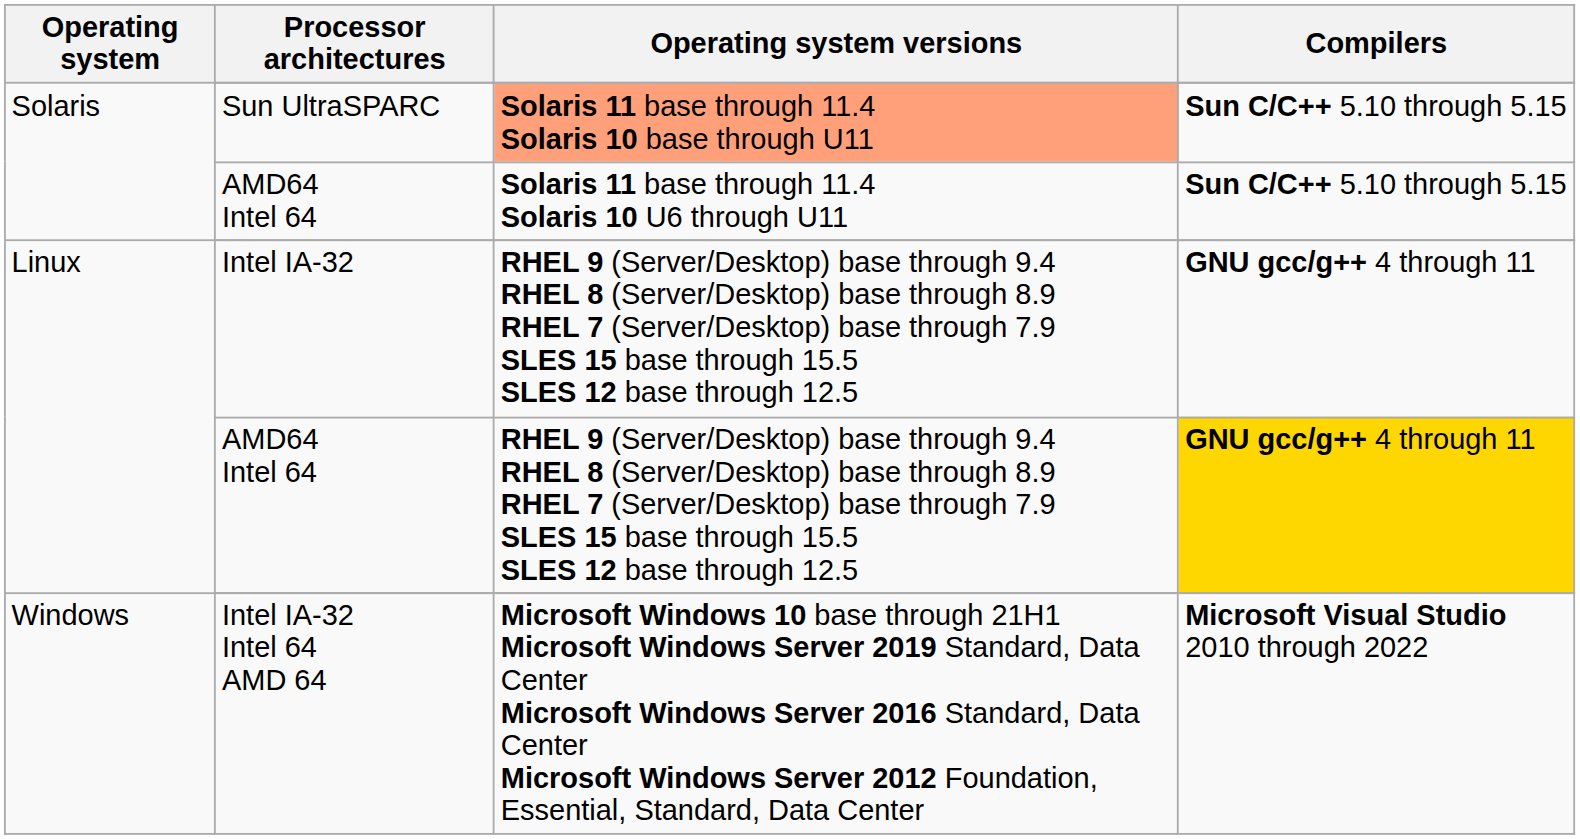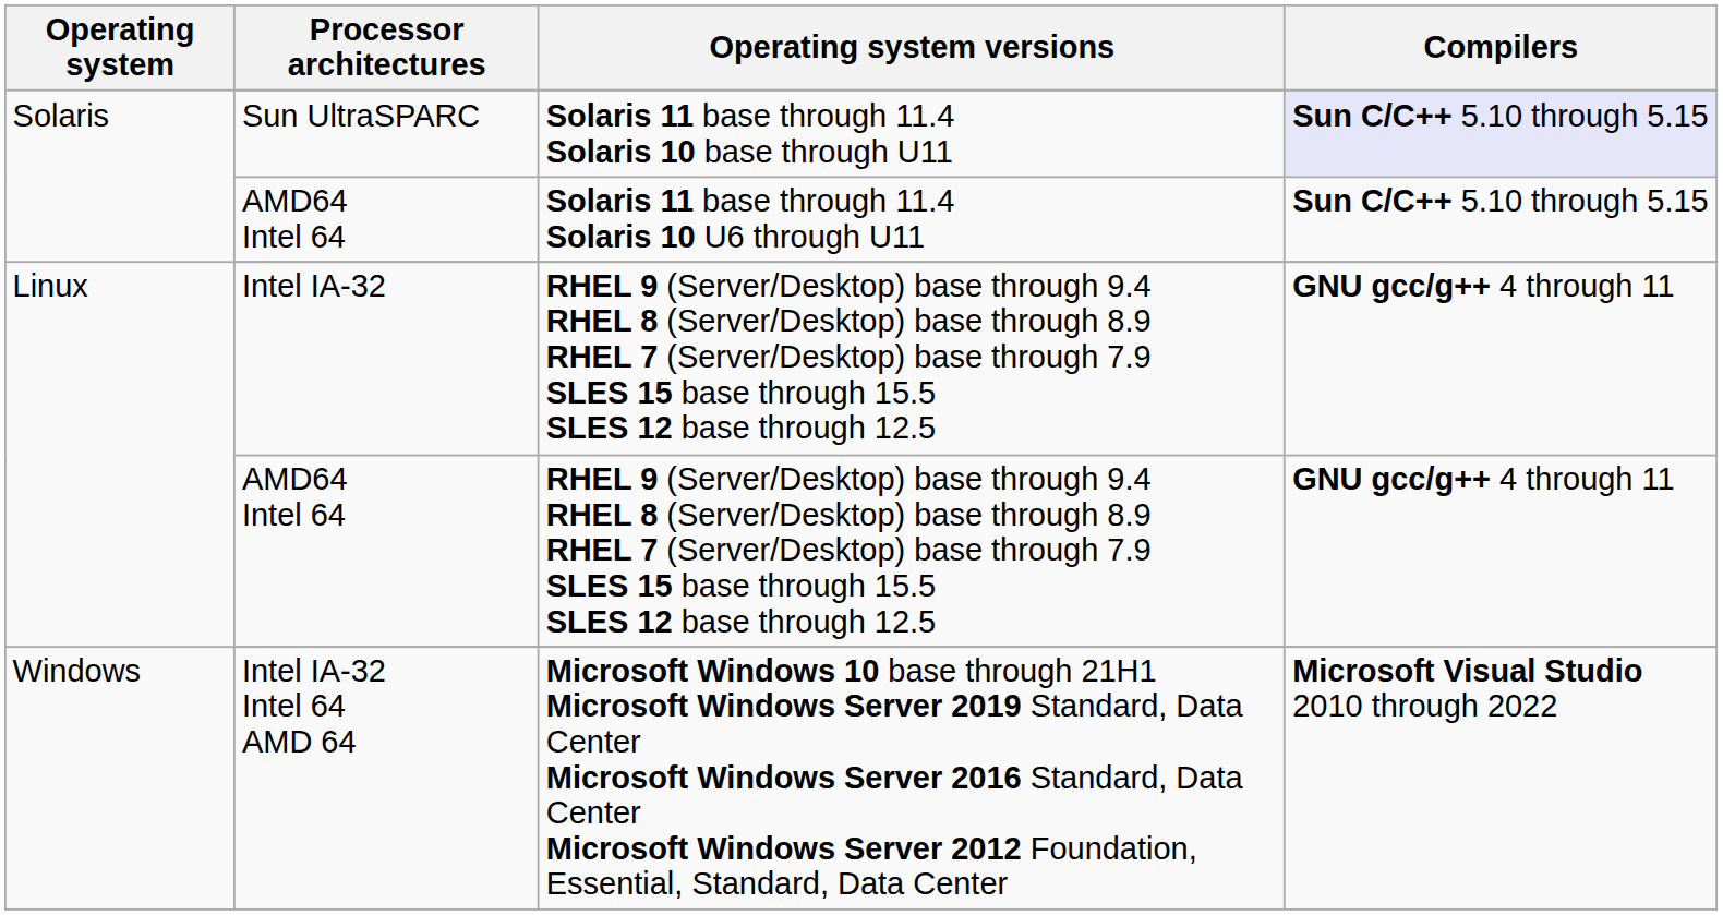 <table class="wikitable">
 <tr>
 <th>Operating system</th>
 <th>Processor architectures</th>
 <th>Operating system versions</th>
 <th>Compilers</th>
 </tr>
 <tr valign="top">
 <td rowspan="3">Solaris</td>
 </tr>
 <tr valign="top">
 <td>Sun UltraSPARC</td>
-<td style="background: lightsalmon;"><strong>Solaris 11</strong> base through 11.4<br><strong>Solaris 10</strong> base through U11<br></td>
-<td><strong> Sun C/C++</strong> 5.10 through 5.15<br></td>
+<td><strong>Solaris 11</strong> base through 11.4<br><strong>Solaris 10</strong> base through U11<br></td>
+<td style="background: lavender;"><strong> Sun C/C++</strong> 5.10 through 5.15<br></td>
 </tr>
 <tr valign="top">
 <td>AMD64<br>Intel 64</td>
 <td><strong>Solaris 11</strong> base through 11.4<br><strong>Solaris 10</strong> U6 through U11<br></td>
 <td><strong>Sun C/C++</strong> 5.10 through 5.15<br></td>
 </tr>
 <tr valign="top">
 <td rowspan="3">Linux</td>
 </tr>
 <tr valign="top">
 <td>Intel IA-32</td>
 <td><strong>RHEL 9</strong> (Server/Desktop) base through 9.4<br><strong>RHEL 8</strong> (Server/Desktop) base through 8.9<br><strong>RHEL 7</strong> (Server/Desktop) base through 7.9<br> <strong>SLES 15</strong> base through 15.5<br><strong>SLES 12</strong> base through 12.5<br></td>
 <td><strong>GNU gcc/g++</strong> 4 through 11<br></td>
 </tr>
 <tr valign="top">
 <td>AMD64<br>Intel 64</td>
 <td><strong>RHEL 9</strong> (Server/Desktop) base through 9.4<br><strong>RHEL 8</strong> (Server/Desktop) base through 8.9<br><strong>RHEL 7</strong> (Server/Desktop) base through 7.9<br> <strong>SLES 15</strong> base through 15.5<br><strong>SLES 12</strong> base through 12.5<br></td>
-<td style="background: gold;"><strong>GNU gcc/g++</strong> 4 through 11<br></td>
+<td><strong>GNU gcc/g++</strong> 4 through 11<br></td>
 </tr>
 <tr valign="top">
 <td rowspan="2">Windows</td>
 </tr>
 <tr valign="top">
 <td>Intel IA-32<br>Intel 64<br>AMD 64</td>
 <td><strong>Microsoft Windows 10</strong> base through 21H1<br><strong>Microsoft Windows Server 2019</strong> Standard, Data Center<br><strong>Microsoft Windows Server 2016</strong> Standard, Data Center<br><strong>Microsoft Windows Server 2012</strong> Foundation, Essential, Standard, Data Center<br></td>
 <td><strong>Microsoft Visual Studio</strong> 2010 through 2022</td>
 </tr>
 </table>
